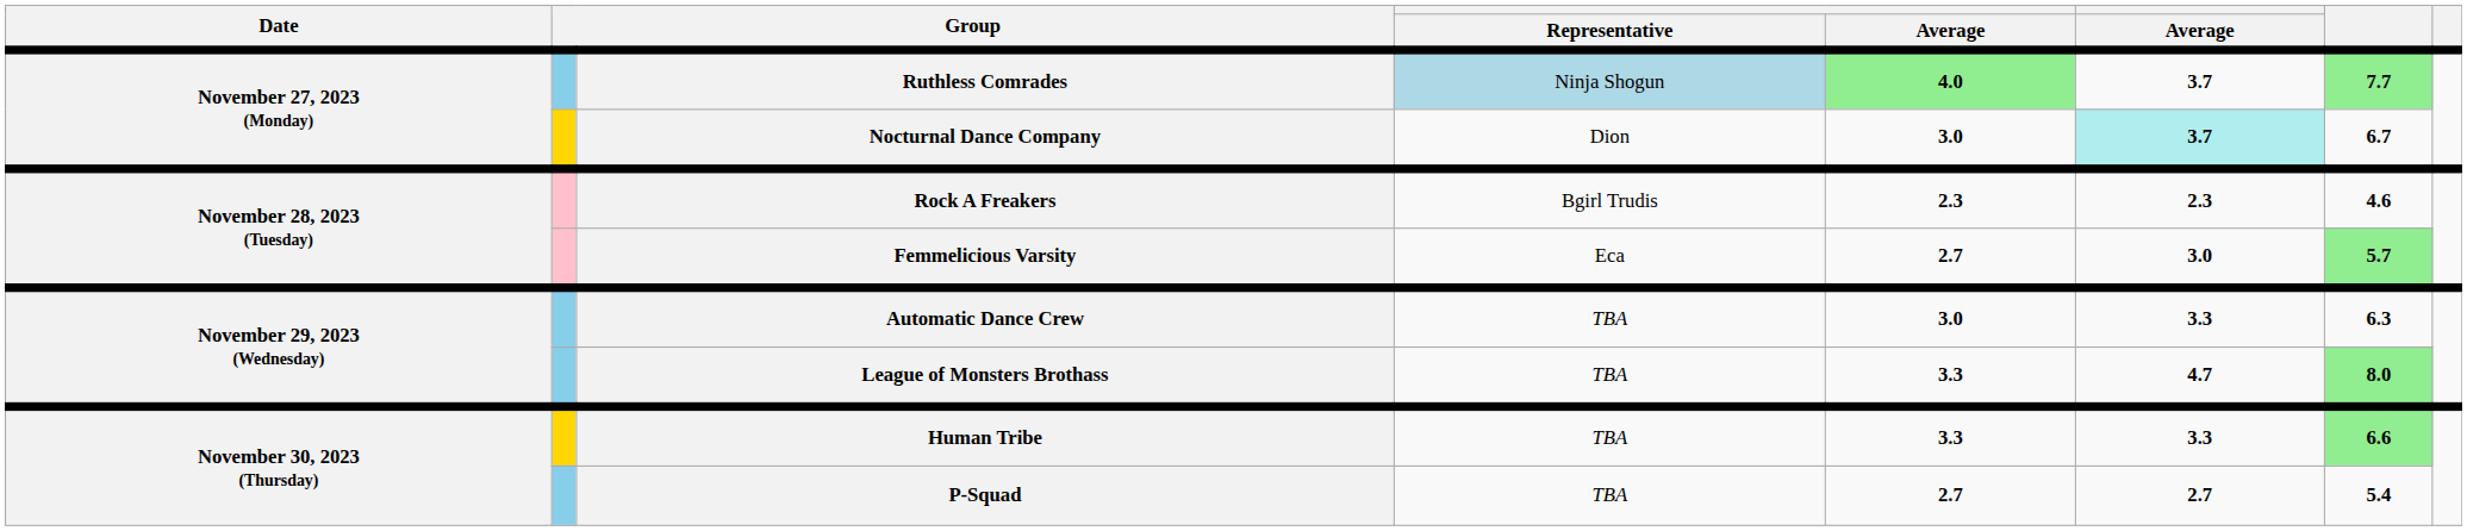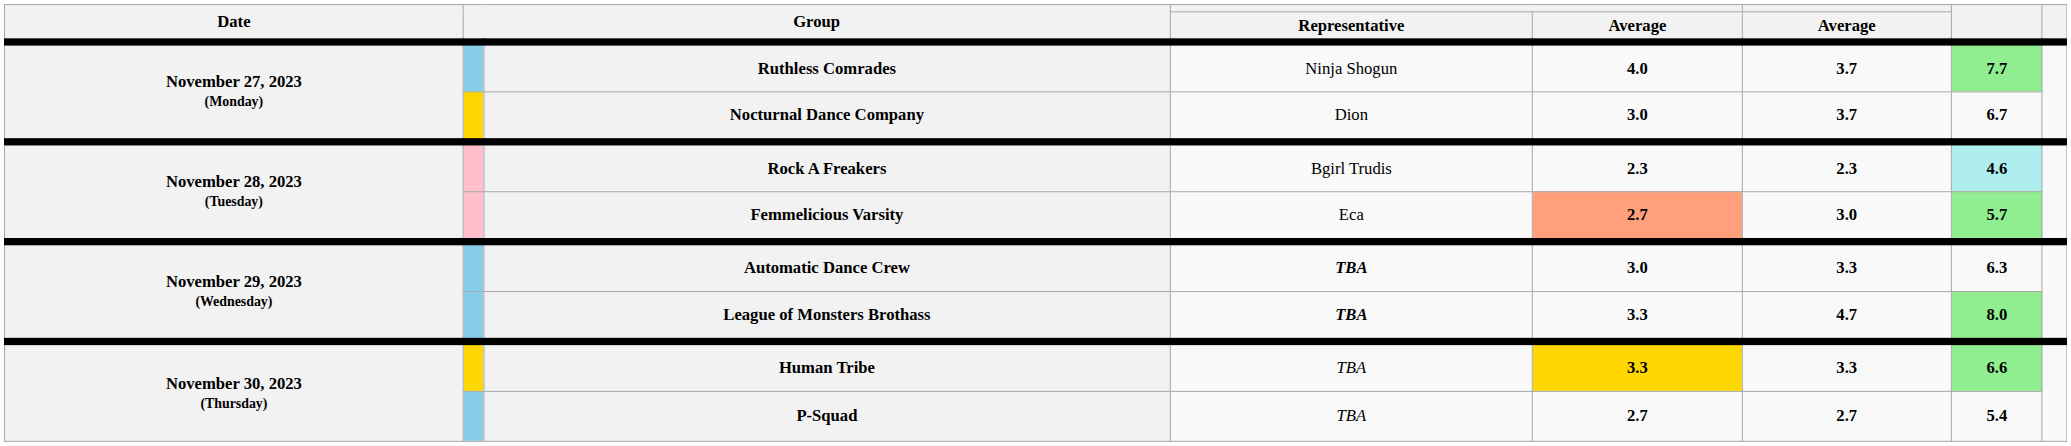 <table class="wikitable plainrowheaders mw-collapsible" style="text-align:center; width:100%">
 <tr>
 <th rowspan="2">Date</th>
 <th colspan="2" rowspan="2">Group</th>
 <th colspan="2"></th>
 <th></th>
 <th rowspan="2"></th>
 <th rowspan="2"></th>
 </tr>
 <tr>
 <th>Representative</th>
 <th>Average</th>
 <th>Average</th>
 </tr>
 <tr style="border-top: 7px solid; height: 3em;">
 <th rowspan="2">November 27, 2023<br><small>(Monday)</small></th>
 <th width="01%" style="background:#87ceeb;"></th>
 <th>Ruthless Comrades</th>
-<td style="background: lightblue;">Ninja Shogun</td>
-<td style="background: lightgreen;"><strong>4.0</strong><br></td>
+<td>Ninja Shogun</td>
+<td><strong>4.0</strong><br></td>
 <td><strong>3.7</strong><br></td>
 <td style="background:#90ee90;"><strong>7.7</strong><br></td>
 <td rowspan="2"></td>
 </tr>
 <tr style="height: 3em;">
 <th width="01%" style="background:#FFD700;"></th>
 <th>Nocturnal Dance Company</th>
 <td>Dion</td>
 <td><strong>3.0</strong><br></td>
-<td style="background: paleturquoise;"><strong>3.7</strong><br></td>
+<td><strong>3.7</strong><br></td>
 <td><strong>6.7</strong><br></td>
 </tr>
 <tr style="border-top: 7px solid; height: 3em;">
 <th rowspan="2">November 28, 2023<br><small>(Tuesday)</small></th>
 <th width="01%" style="background:#FFC0CB;"></th>
 <th>Rock A Freakers</th>
 <td>Bgirl Trudis</td>
 <td><strong>2.3</strong><br></td>
 <td><strong>2.3</strong><br></td>
-<td><strong>4.6</strong><br></td>
+<td style="background: paleturquoise;"><strong>4.6</strong><br></td>
 <td rowspan="2"></td>
 </tr>
 <tr style="height: 3em;">
 <th width="01%" style="background:#FFC0CB;"></th>
 <th>Femmelicious Varsity</th>
 <td>Eca</td>
-<td><strong>2.7</strong><br></td>
+<td style="background: lightsalmon;"><strong>2.7</strong><br></td>
 <td><strong>3.0</strong><br></td>
 <td style="background:#90ee90;"><strong>5.7</strong><br></td>
 </tr>
 <tr style="border-top: 7px solid; height: 3em;">
 <th rowspan="2">November 29, 2023<br><small>(Wednesday)</small></th>
 <th width="01%" style="background:#87ceeb;"></th>
 <th>Automatic Dance Crew</th>
-<td><em>TBA</em></td>
+<td><strong><em>TBA</em></strong></td>
 <td><strong>3.0</strong><br></td>
 <td><strong>3.3</strong><br></td>
 <td><strong>6.3</strong><br></td>
 <td rowspan="2"></td>
 </tr>
 <tr style="height: 3em;">
 <th width="01%" style="background:#87ceeb;"></th>
 <th>League of Monsters Brothass</th>
-<td><em>TBA</em></td>
+<td><strong><em>TBA</em></strong></td>
 <td><strong>3.3</strong><br></td>
 <td><strong>4.7</strong><br></td>
 <td style="background:#90ee90;"><strong>8.0</strong><br></td>
 </tr>
 <tr style="border-top: 7px solid; height: 3em;">
 <th rowspan="2">November 30, 2023<br><small>(Thursday)</small></th>
 <th width="01%" style="background:#FFD700;"></th>
 <th>Human Tribe</th>
 <td><em>TBA</em></td>
-<td><strong>3.3</strong><br></td>
+<td style="background: gold;"><strong>3.3</strong><br></td>
 <td><strong>3.3</strong><br></td>
 <td style="background:#90ee90;"><strong>6.6</strong><br></td>
 <td rowspan="2"></td>
 </tr>
 <tr style="height: 3em;">
 <th width="01%" style="background:#87ceeb;"></th>
 <th>P-Squad</th>
 <td><em>TBA</em></td>
 <td><strong>2.7</strong><br></td>
 <td><strong>2.7</strong><br></td>
 <td><strong>5.4</strong><br></td>
 </tr>
 </table>
